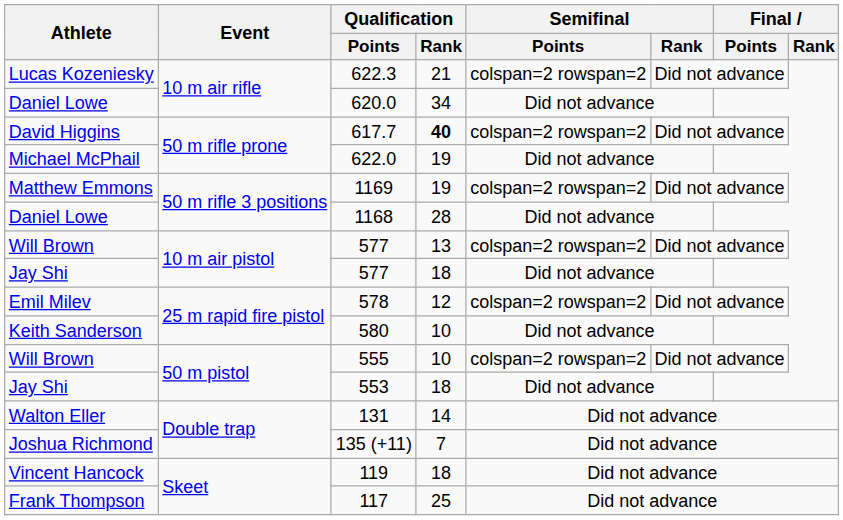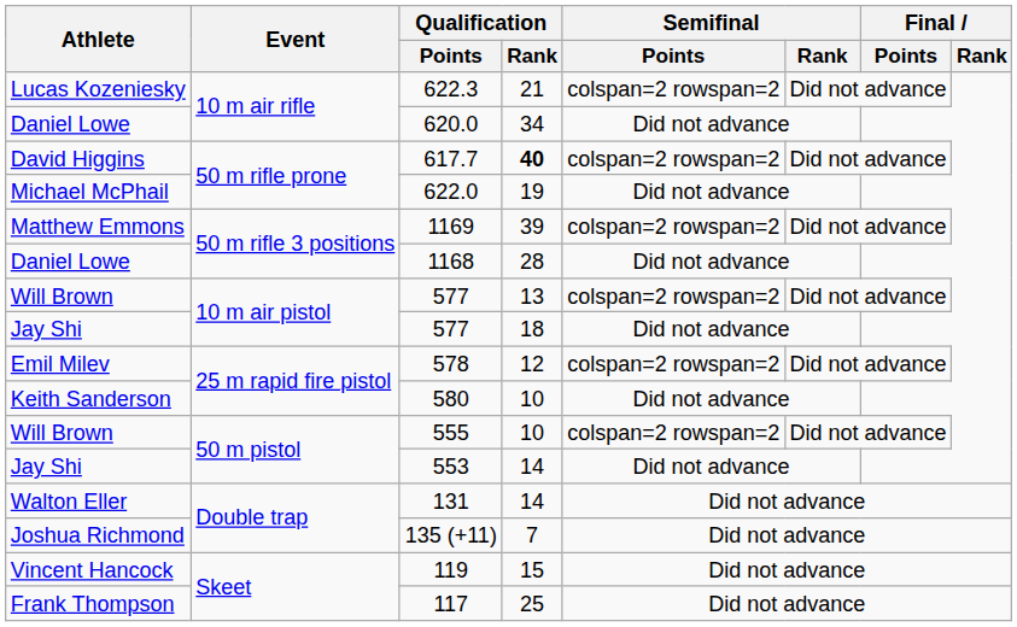 <table class=wikitable style=font-size:90%;text-align:center>
 <tr>
 <th rowspan=2>Athlete</th>
 <th rowspan=2>Event</th>
 <th colspan=2>Qualification</th>
 <th colspan=2>Semifinal</th>
 <th colspan=2>Final / </th>
 </tr>
 <tr style=font-size:95%>
 <th>Points</th>
 <th>Rank</th>
 <th>Points</th>
 <th>Rank</th>
 <th>Points</th>
 <th>Rank</th>
 </tr>
 <tr>
 <td align=left><a href='#'>Lucas Kozeniesky</a></td>
 <td align=left rowspan=2><a href='#'>10 m air rifle</a></td>
 <td>622.3</td>
 <td>21</td>
 <td>colspan=2 rowspan=2 </td>
 <td colspan=2>Did not advance</td>
 </tr>
 <tr>
 <td align=left><a href='#'>Daniel Lowe</a></td>
 <td>620.0</td>
 <td>34</td>
 <td colspan=2>Did not advance</td>
 </tr>
 <tr>
 <td align=left><a href='#'>David Higgins</a></td>
 <td align=left rowspan=2><a href='#'>50 m rifle prone</a></td>
 <td>617.7</td>
 <td><strong>40</strong></td>
 <td>colspan=2 rowspan=2 </td>
 <td colspan=2>Did not advance</td>
 </tr>
 <tr>
 <td align=left><a href='#'>Michael McPhail</a></td>
 <td>622.0</td>
 <td>19</td>
 <td colspan=2>Did not advance</td>
 </tr>
 <tr>
 <td align=left><a href='#'>Matthew Emmons</a></td>
 <td align=left rowspan=2><a href='#'>50 m rifle 3 positions</a></td>
 <td>1169</td>
-<td>19</td>
+<td>39</td>
 <td>colspan=2 rowspan=2 </td>
 <td colspan=2>Did not advance</td>
 </tr>
 <tr>
 <td align=left><a href='#'>Daniel Lowe</a></td>
 <td>1168</td>
 <td>28</td>
 <td colspan=2>Did not advance</td>
 </tr>
 <tr>
 <td align=left><a href='#'>Will Brown</a></td>
 <td align=left rowspan=2><a href='#'>10 m air pistol</a></td>
 <td>577</td>
 <td>13</td>
 <td>colspan=2 rowspan=2 </td>
 <td colspan=2>Did not advance</td>
 </tr>
 <tr>
 <td align=left><a href='#'>Jay Shi</a></td>
 <td>577</td>
 <td>18</td>
 <td colspan=2>Did not advance</td>
 </tr>
 <tr>
 <td align=left><a href='#'>Emil Milev</a></td>
 <td align=left rowspan=2><a href='#'>25 m rapid fire pistol</a></td>
 <td>578</td>
 <td>12</td>
 <td>colspan=2 rowspan=2 </td>
 <td colspan=2>Did not advance</td>
 </tr>
 <tr>
 <td align=left><a href='#'>Keith Sanderson</a></td>
 <td>580</td>
 <td>10</td>
 <td colspan=2>Did not advance</td>
 </tr>
 <tr>
 <td align=left><a href='#'>Will Brown</a></td>
 <td align=left rowspan=2><a href='#'>50 m pistol</a></td>
 <td>555</td>
 <td>10</td>
 <td>colspan=2 rowspan=2 </td>
 <td colspan=2>Did not advance</td>
 </tr>
 <tr>
 <td align=left><a href='#'>Jay Shi</a></td>
 <td>553</td>
-<td>18</td>
+<td>14</td>
 <td colspan=2>Did not advance</td>
 </tr>
 <tr>
 <td align=left><a href='#'>Walton Eller</a></td>
 <td align=left rowspan=2><a href='#'>Double trap</a></td>
 <td>131</td>
 <td>14</td>
 <td colspan=4>Did not advance</td>
 </tr>
 <tr>
 <td align=left><a href='#'>Joshua Richmond</a></td>
 <td>135 (+11)</td>
 <td>7</td>
 <td colspan=4>Did not advance</td>
 </tr>
 <tr>
 <td align=left><a href='#'>Vincent Hancock</a></td>
 <td align=left rowspan=2><a href='#'>Skeet</a></td>
 <td>119</td>
-<td>18</td>
+<td>15</td>
 <td colspan=4>Did not advance</td>
 </tr>
 <tr>
 <td align=left><a href='#'>Frank Thompson</a></td>
 <td>117</td>
 <td>25</td>
 <td colspan=4>Did not advance</td>
 </tr>
 </table>
